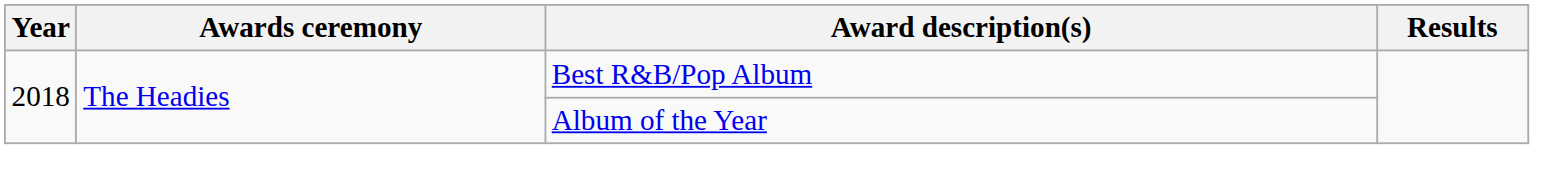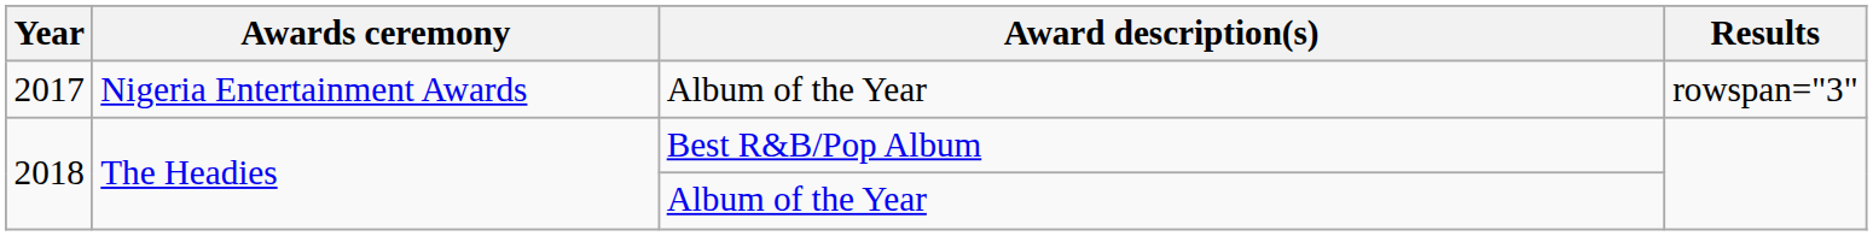 <table class="wikitable">
 <tr>
 <th>Year</th>
 <th style="width:250px;">Awards ceremony</th>
 <th style="width:450px;">Award description(s)</th>
 <th style="width:75px;">Results</th>
+</tr>
+<tr>
+<td>2017</td>
+<td><a href='#'>Nigeria Entertainment Awards</a></td>
+<td>Album of the Year</td>
+<td>rowspan="3" </td>
 </tr>
 <tr>
 <td rowspan="2">2018</td>
 <td rowspan="2"><a href='#'>The Headies</a></td>
 <td><a href='#'>Best R&B/Pop Album</a></td>
 </tr>
 <tr>
 <td><a href='#'>Album of the Year</a></td>
 </tr>
 </table>
